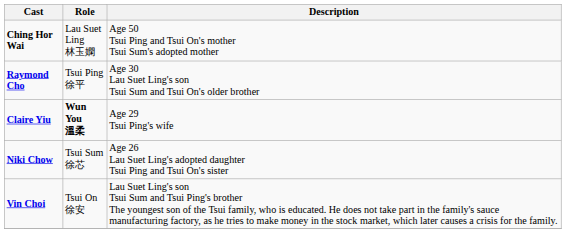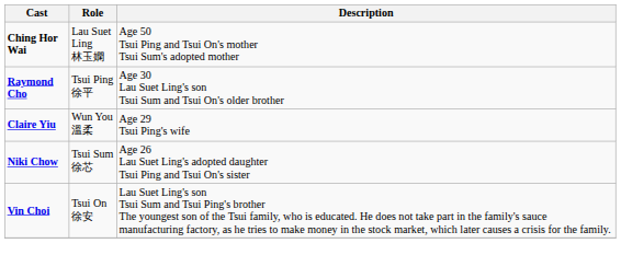 <table class="wikitable" width="70%">
 <tr>
 <th>Cast</th>
 <th>Role</th>
 <th>Description</th>
 </tr>
 <tr>
 <td><strong>Ching Hor Wai</strong></td>
 <td>Lau Suet Ling<br>林玉嫻</td>
 <td>Age 50 <br>Tsui Ping and Tsui On's mother<br>Tsui Sum's adopted mother</td>
 </tr>
 <tr>
 <td><strong><a href='#'>Raymond Cho</a></strong></td>
 <td>Tsui Ping<br>徐平</td>
 <td>Age 30 <br>Lau Suet Ling's son<br>Tsui Sum and Tsui On's older brother</td>
 </tr>
 <tr>
 <td><strong><a href='#'>Claire Yiu</a></strong></td>
-<td><strong>Wun You<br>溫柔</strong></td>
+<td>Wun You<br>溫柔</td>
 <td>Age 29 <br>Tsui Ping's wife</td>
 </tr>
 <tr>
 <td><strong><a href='#'>Niki Chow</a></strong></td>
 <td>Tsui Sum<br>徐芯</td>
 <td>Age 26 <br>Lau Suet Ling's adopted daughter<br>Tsui Ping and Tsui On's sister</td>
 </tr>
 <tr>
 <td><strong><a href='#'>Vin Choi</a></strong></td>
 <td>Tsui On <br> 徐安</td>
 <td>Lau Suet Ling's son<br>Tsui Sum and Tsui Ping's brother <br> The youngest son of the Tsui family, who is educated. He does not take part in the family's sauce manufacturing factory, as he tries to make money in the stock market, which later causes a crisis for the family.</td>
 </tr>
 <tr>
 </tr>
 </table>
